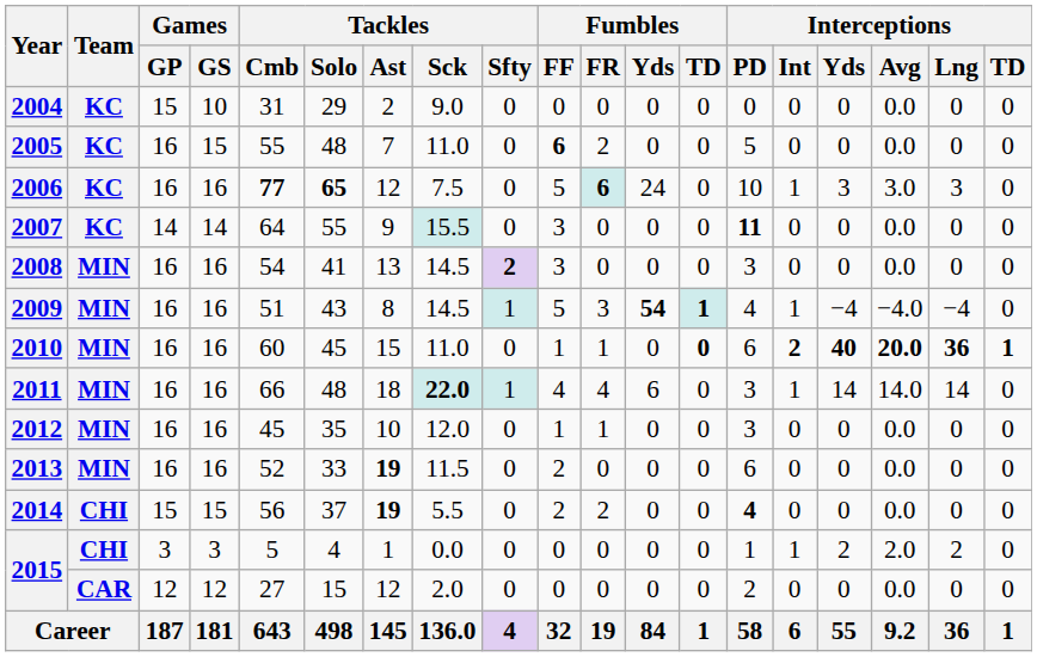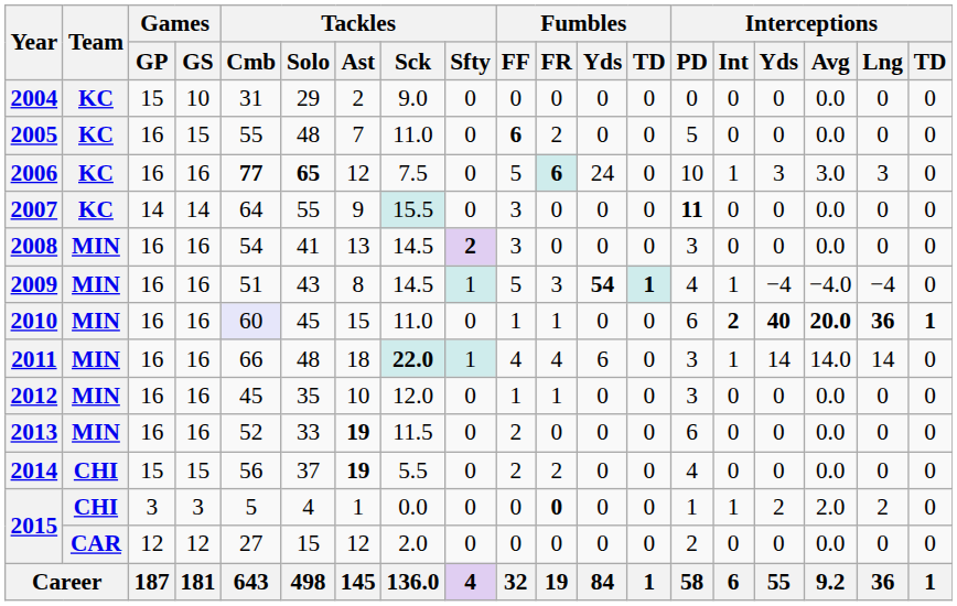 <table class="wikitable" style="text-align:center;">
 <tr>
 <th rowspan="2">Year</th>
 <th rowspan="2">Team</th>
 <th colspan="2">Games</th>
 <th colspan="5">Tackles</th>
 <th colspan="4">Fumbles</th>
 <th colspan="6">Interceptions</th>
 </tr>
 <tr>
 <th>GP</th>
 <th>GS</th>
 <th>Cmb</th>
 <th>Solo</th>
 <th>Ast</th>
 <th>Sck</th>
 <th>Sfty</th>
 <th>FF</th>
 <th>FR</th>
 <th>Yds</th>
 <th>TD</th>
 <th>PD</th>
 <th>Int</th>
 <th>Yds</th>
 <th>Avg</th>
 <th>Lng</th>
 <th>TD</th>
 </tr>
 <tr>
 <th><a href='#'>2004</a></th>
 <th><a href='#'>KC</a></th>
 <td>15</td>
 <td>10</td>
 <td>31</td>
 <td>29</td>
 <td>2</td>
 <td>9.0</td>
 <td>0</td>
 <td>0</td>
 <td>0</td>
 <td>0</td>
 <td>0</td>
 <td>0</td>
 <td>0</td>
 <td>0</td>
 <td>0.0</td>
 <td>0</td>
 <td>0</td>
 </tr>
 <tr>
 <th><a href='#'>2005</a></th>
 <th><a href='#'>KC</a></th>
 <td>16</td>
 <td>15</td>
 <td>55</td>
 <td>48</td>
 <td>7</td>
 <td>11.0</td>
 <td>0</td>
 <td><strong>6</strong></td>
 <td>2</td>
 <td>0</td>
 <td>0</td>
 <td>5</td>
 <td>0</td>
 <td>0</td>
 <td>0.0</td>
 <td>0</td>
 <td>0</td>
 </tr>
 <tr>
 <th><a href='#'>2006</a></th>
 <th><a href='#'>KC</a></th>
 <td>16</td>
 <td>16</td>
 <td><strong>77</strong></td>
 <td><strong>65</strong></td>
 <td>12</td>
 <td>7.5</td>
 <td>0</td>
 <td>5</td>
 <td style="background:#cfecec;"><strong>6</strong></td>
 <td>24</td>
 <td>0</td>
 <td>10</td>
 <td>1</td>
 <td>3</td>
 <td>3.0</td>
 <td>3</td>
 <td>0</td>
 </tr>
 <tr>
 <th><a href='#'>2007</a></th>
 <th><a href='#'>KC</a></th>
 <td>14</td>
 <td>14</td>
 <td>64</td>
 <td>55</td>
 <td>9</td>
 <td style="background:#cfecec;">15.5</td>
 <td>0</td>
 <td>3</td>
 <td>0</td>
 <td>0</td>
 <td>0</td>
 <td><strong>11</strong></td>
 <td>0</td>
 <td>0</td>
 <td>0.0</td>
 <td>0</td>
 <td>0</td>
 </tr>
 <tr>
 <th><a href='#'>2008</a></th>
 <th><a href='#'>MIN</a></th>
 <td>16</td>
 <td>16</td>
 <td>54</td>
 <td>41</td>
 <td>13</td>
 <td>14.5</td>
 <td style="background:#e0cef2;"><strong>2</strong></td>
 <td>3</td>
 <td>0</td>
 <td>0</td>
 <td>0</td>
 <td>3</td>
 <td>0</td>
 <td>0</td>
 <td>0.0</td>
 <td>0</td>
 <td>0</td>
 </tr>
 <tr>
 <th><a href='#'>2009</a></th>
 <th><a href='#'>MIN</a></th>
 <td>16</td>
 <td>16</td>
 <td>51</td>
 <td>43</td>
 <td>8</td>
 <td>14.5</td>
 <td style="background:#cfecec;">1</td>
 <td>5</td>
 <td>3</td>
 <td><strong>54</strong></td>
 <td style="background:#cfecec;"><strong>1</strong></td>
 <td>4</td>
 <td>1</td>
 <td>−4</td>
 <td>−4.0</td>
 <td>−4</td>
 <td>0</td>
 </tr>
 <tr>
 <th><a href='#'>2010</a></th>
 <th><a href='#'>MIN</a></th>
 <td>16</td>
 <td>16</td>
-<td>60</td>
+<td style="background: lavender;">60</td>
 <td>45</td>
 <td>15</td>
 <td>11.0</td>
 <td>0</td>
 <td>1</td>
 <td>1</td>
 <td>0</td>
-<td><strong>0</strong></td>
+<td>0</td>
 <td>6</td>
 <td><strong>2</strong></td>
 <td><strong>40</strong></td>
 <td><strong>20.0</strong></td>
 <td><strong>36</strong></td>
 <td><strong>1</strong></td>
 </tr>
 <tr>
 <th><a href='#'>2011</a></th>
 <th><a href='#'>MIN</a></th>
 <td>16</td>
 <td>16</td>
 <td>66</td>
 <td>48</td>
 <td>18</td>
 <td style="background:#cfecec"><strong>22.0</strong></td>
 <td style="background:#cfecec;">1</td>
 <td>4</td>
 <td>4</td>
 <td>6</td>
 <td>0</td>
 <td>3</td>
 <td>1</td>
 <td>14</td>
 <td>14.0</td>
 <td>14</td>
 <td>0</td>
 </tr>
 <tr>
 <th><a href='#'>2012</a></th>
 <th><a href='#'>MIN</a></th>
 <td>16</td>
 <td>16</td>
 <td>45</td>
 <td>35</td>
 <td>10</td>
 <td>12.0</td>
 <td>0</td>
 <td>1</td>
 <td>1</td>
 <td>0</td>
 <td>0</td>
 <td>3</td>
 <td>0</td>
 <td>0</td>
 <td>0.0</td>
 <td>0</td>
 <td>0</td>
 </tr>
 <tr>
 <th><a href='#'>2013</a></th>
 <th><a href='#'>MIN</a></th>
 <td>16</td>
 <td>16</td>
 <td>52</td>
 <td>33</td>
 <td><strong>19</strong></td>
 <td>11.5</td>
 <td>0</td>
 <td>2</td>
 <td>0</td>
 <td>0</td>
 <td>0</td>
 <td>6</td>
 <td>0</td>
 <td>0</td>
 <td>0.0</td>
 <td>0</td>
 <td>0</td>
 </tr>
 <tr>
 <th><a href='#'>2014</a></th>
 <th><a href='#'>CHI</a></th>
 <td>15</td>
 <td>15</td>
 <td>56</td>
 <td>37</td>
 <td><strong>19</strong></td>
 <td>5.5</td>
 <td>0</td>
 <td>2</td>
 <td>2</td>
 <td>0</td>
 <td>0</td>
-<td><strong>4</strong></td>
+<td>4</td>
 <td>0</td>
 <td>0</td>
 <td>0.0</td>
 <td>0</td>
 <td>0</td>
 </tr>
 <tr>
 <th rowspan="2"><a href='#'>2015</a></th>
 <th><a href='#'>CHI</a></th>
 <td>3</td>
 <td>3</td>
 <td>5</td>
 <td>4</td>
 <td>1</td>
 <td>0.0</td>
 <td>0</td>
 <td>0</td>
-<td>0</td>
+<td><strong>0</strong></td>
 <td>0</td>
 <td>0</td>
 <td>1</td>
 <td>1</td>
 <td>2</td>
 <td>2.0</td>
 <td>2</td>
 <td>0</td>
 </tr>
 <tr>
 <th><a href='#'>CAR</a></th>
 <td>12</td>
 <td>12</td>
 <td>27</td>
 <td>15</td>
 <td>12</td>
 <td>2.0</td>
 <td>0</td>
 <td>0</td>
 <td>0</td>
 <td>0</td>
 <td>0</td>
 <td>2</td>
 <td>0</td>
 <td>0</td>
 <td>0.0</td>
 <td>0</td>
 <td>0</td>
 </tr>
 <tr>
 <th colspan="2">Career</th>
 <th>187</th>
 <th>181</th>
 <th>643</th>
 <th>498</th>
 <th>145</th>
 <th>136.0</th>
 <th style="background:#e0cef2;">4</th>
 <th>32</th>
 <th>19</th>
 <th>84</th>
 <th>1</th>
 <th>58</th>
 <th>6</th>
 <th>55</th>
 <th>9.2</th>
 <th>36</th>
 <th>1</th>
 </tr>
 </table>
